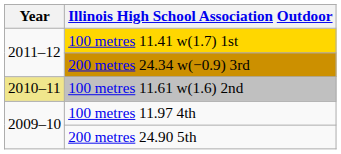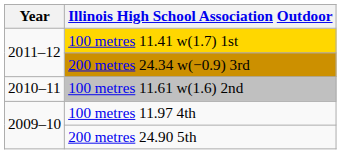 <table class="wikitable sortable">
 <tr>
 <th>Year</th>
 <th><a href='#'>Illinois High School Association</a> <a href='#'>Outdoor</a></th>
 </tr>
 <tr>
 <td Rowspan=2>2011–12</td>
 <td bgcolor=gold><a href='#'>100 metres</a> 11.41 w(1.7) 1st</td>
 </tr>
 <tr>
 <td bgcolor=cc99000><a href='#'>200 metres</a> 24.34 w(−0.9) 3rd</td>
 </tr>
 <tr>
-<td style="background: khaki;">2010–11</td>
+<td>2010–11</td>
 <td bgcolor=silver><a href='#'>100 metres</a> 11.61 w(1.6) 2nd</td>
 </tr>
 <tr>
 <td Rowspan=2>2009–10</td>
 <td><a href='#'>100 metres</a> 11.97 4th</td>
 </tr>
 <tr>
 <td><a href='#'>200 metres</a> 24.90 5th</td>
 </tr>
 </table>
